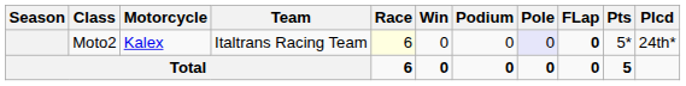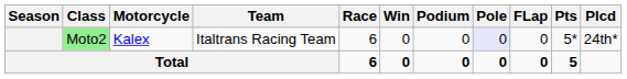 <table class="wikitable" style="text-align:right;">
 <tr>
 <th>Season</th>
 <th>Class</th>
 <th>Motorcycle</th>
 <th>Team</th>
 <th>Race</th>
 <th>Win</th>
 <th>Podium</th>
 <th>Pole</th>
 <th>FLap</th>
 <th>Pts</th>
 <th>Plcd</th>
 </tr>
 <tr>
 <th></th>
-<td>Moto2</td>
+<td style="background: lightgreen;">Moto2</td>
 <td style="text-align:left;"><a href='#'>Kalex</a></td>
 <td style="text-align:left;">Italtrans Racing Team</td>
-<td style="background: lightyellow;">6</td>
+<td>6</td>
 <td>0</td>
 <td>0</td>
 <td style="background: lavender;">0</td>
-<td><strong>0</strong></td>
+<td>0</td>
 <td>5*</td>
 <td>24th*</td>
 </tr>
 <tr>
 <th colspan="4">Total</th>
 <td><strong>6</strong></td>
 <td><strong>0</strong></td>
 <td><strong>0</strong></td>
 <td><strong>0</strong></td>
 <td><strong>0</strong></td>
 <td><strong>5</strong></td>
 <td></td>
 </tr>
 </table>
